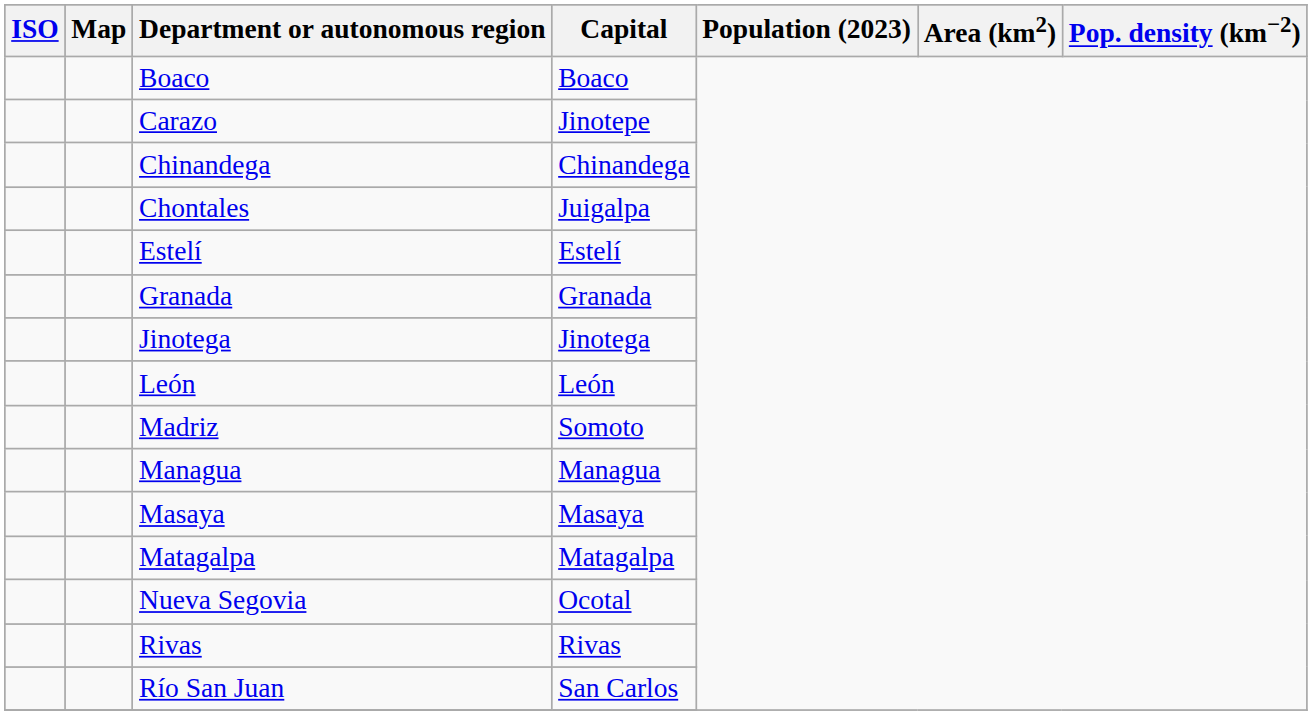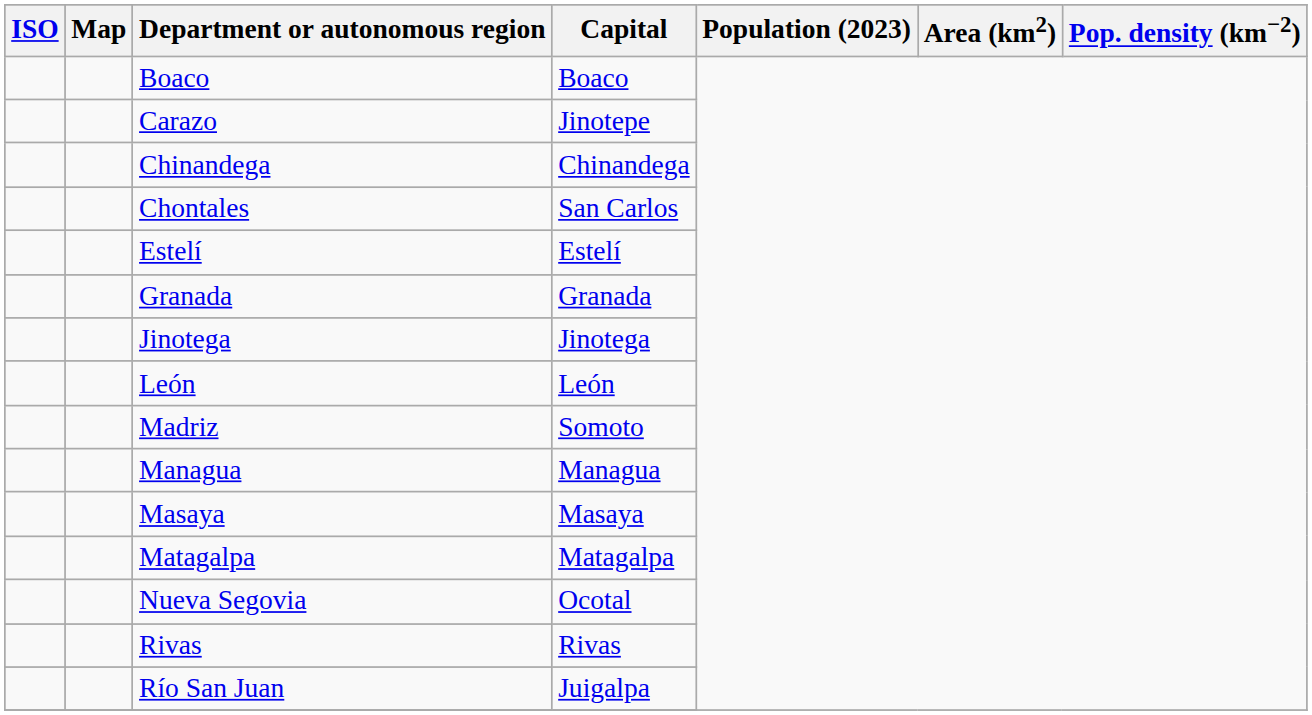 <table class="wikitable sortable">
 <tr>
 <th +><a href='#'>ISO</a></th>
 <th class="unsortable">Map<br> </th>
 <th +>Department or autonomous region</th>
 <th +>Capital</th>
 <th +>Population (2023)</th>
 <th +>Area (km<sup>2</sup>)</th>
 <th +><a href='#'>Pop. density</a> (km<sup>−2</sup>)</th>
 </tr>
 <tr>
 <td align="center"> </td>
 <td> <br></td>
 <td><a href='#'>Boaco</a></td>
 <td><a href='#'>Boaco</a><br>     </td>
 </tr>
 <tr>
 <td align="center"> </td>
 <td> <br></td>
 <td><a href='#'>Carazo</a></td>
 <td><a href='#'>Jinotepe</a><br>     </td>
 </tr>
 <tr>
 <td align="center"> </td>
 <td> <br></td>
 <td><a href='#'>Chinandega</a></td>
 <td><a href='#'>Chinandega</a><br>     </td>
 </tr>
 <tr>
 <td align="center"> </td>
 <td> <br></td>
 <td><a href='#'>Chontales</a></td>
-<td><a href='#'>Juigalpa</a><br>     </td>
+<td><a href='#'>San Carlos</a><br>     </td>
 </tr>
 <tr>
 <td align="center"> </td>
 <td> <br></td>
 <td><a href='#'>Estelí</a></td>
 <td><a href='#'>Estelí</a><br>     </td>
 </tr>
 <tr>
 <td align="center"> </td>
 <td> <br></td>
 <td><a href='#'>Granada</a></td>
 <td><a href='#'>Granada</a><br>     </td>
 </tr>
 <tr>
 <td align="center"> </td>
 <td> <br></td>
 <td><a href='#'>Jinotega</a></td>
 <td><a href='#'>Jinotega</a><br>     </td>
 </tr>
 <tr>
 <td align="center"> </td>
 <td> <br></td>
 <td><a href='#'>León</a></td>
 <td><a href='#'>León</a><br>     </td>
 </tr>
 <tr>
 <td align="center"> </td>
 <td> <br></td>
 <td><a href='#'>Madriz</a></td>
 <td><a href='#'>Somoto</a><br>     </td>
 </tr>
 <tr>
 <td align="center"> </td>
 <td> <br></td>
 <td><a href='#'>Managua</a></td>
 <td><a href='#'>Managua</a><br>     </td>
 </tr>
 <tr>
 <td align="center"> </td>
 <td> <br></td>
 <td><a href='#'>Masaya</a></td>
 <td><a href='#'>Masaya</a><br>     </td>
 </tr>
 <tr>
 <td align="center"> </td>
 <td> <br></td>
 <td><a href='#'>Matagalpa</a></td>
 <td><a href='#'>Matagalpa</a><br>     </td>
 </tr>
 <tr>
 <td align="center"> </td>
 <td> <br></td>
 <td><a href='#'>Nueva Segovia</a></td>
 <td><a href='#'>Ocotal</a><br>     </td>
 </tr>
 <tr>
 <td align="center"> </td>
 <td> <br></td>
 <td><a href='#'>Rivas</a></td>
 <td><a href='#'>Rivas</a><br>     </td>
 </tr>
 <tr>
 <td align="center"> </td>
 <td> <br></td>
 <td><a href='#'>Río San Juan</a></td>
-<td><a href='#'>San Carlos</a><br>     </td>
+<td><a href='#'>Juigalpa</a><br>     </td>
 </tr>
 <tr>
 </tr>
 </table>
